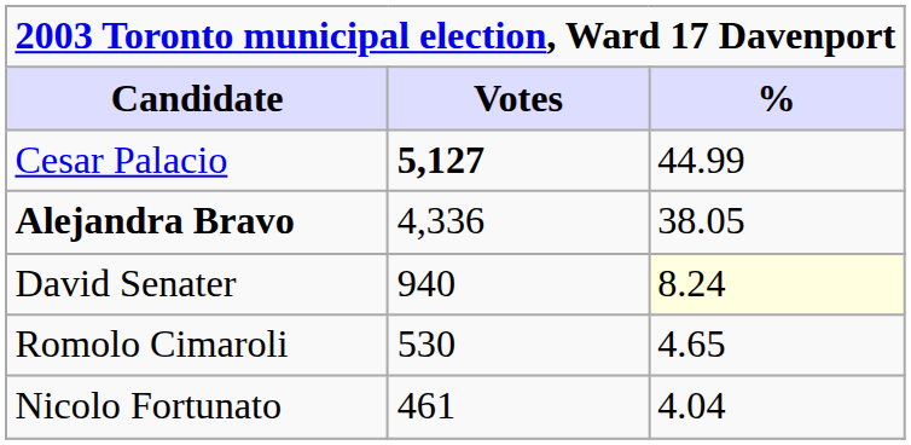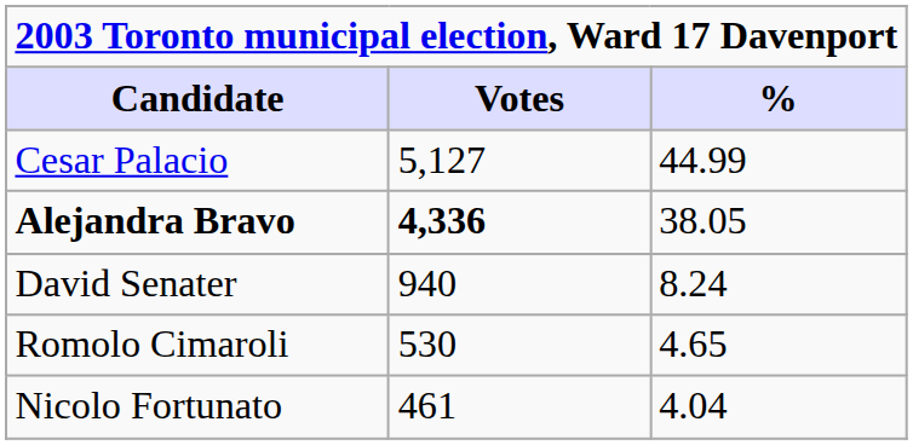 <table class="wikitable">
 <tr>
 <td colspan="3"><strong><a href='#'>2003 Toronto municipal election</a>, Ward 17 Davenport</strong></td>
 </tr>
 <tr>
 <th style="background:#ddf; width:150px;">Candidate</th>
 <th style="background:#ddf;">Votes</th>
 <th style="background:#ddf;">%</th>
 </tr>
 <tr>
 <td><a href='#'>Cesar Palacio</a></td>
-<td><strong>5,127</strong></td>
+<td>5,127</td>
 <td>44.99</td>
 </tr>
 <tr>
 <td><strong>Alejandra Bravo</strong></td>
-<td>4,336</td>
+<td><strong>4,336</strong></td>
 <td>38.05</td>
 </tr>
 <tr>
 <td>David Senater</td>
 <td>940</td>
-<td style="background: lightyellow;">8.24</td>
+<td>8.24</td>
 </tr>
 <tr>
 <td>Romolo Cimaroli</td>
 <td>530</td>
 <td>4.65</td>
 </tr>
 <tr>
 <td>Nicolo Fortunato</td>
 <td>461</td>
 <td>4.04</td>
 </tr>
 </table>
